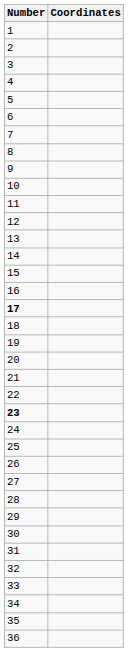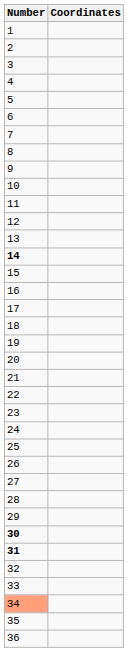 <table class="wikitable sortable">
 <tr>
 <th>Number</th>
 <th>Coordinates</th>
 </tr>
 <tr>
 <td>1</td>
 <td></td>
 </tr>
 <tr>
 <td>2</td>
 <td></td>
 </tr>
 <tr>
 <td>3</td>
 <td></td>
 </tr>
 <tr>
 <td>4</td>
 <td></td>
 </tr>
 <tr>
 <td>5</td>
 <td></td>
 </tr>
 <tr>
 <td>6</td>
 <td></td>
 </tr>
 <tr>
 <td>7</td>
 <td></td>
 </tr>
 <tr>
 <td>8</td>
 <td></td>
 </tr>
 <tr>
 <td>9</td>
 <td></td>
 </tr>
 <tr>
 <td>10</td>
 <td></td>
 </tr>
 <tr>
 <td>11</td>
 <td></td>
 </tr>
 <tr>
 <td>12</td>
 <td></td>
 </tr>
 <tr>
 <td>13</td>
 <td></td>
 </tr>
 <tr>
-<td>14</td>
+<td><strong>14</strong></td>
 <td></td>
 </tr>
 <tr>
 <td>15</td>
 <td></td>
 </tr>
 <tr>
 <td>16</td>
 <td></td>
 </tr>
 <tr>
-<td><strong>17</strong></td>
+<td>17</td>
 <td></td>
 </tr>
 <tr>
 <td>18</td>
 <td></td>
 </tr>
 <tr>
 <td>19</td>
 <td></td>
 </tr>
 <tr>
 <td>20</td>
 <td></td>
 </tr>
 <tr>
 <td>21</td>
 <td></td>
 </tr>
 <tr>
 <td>22</td>
 <td></td>
 </tr>
 <tr>
-<td><strong>23</strong></td>
+<td>23</td>
 <td></td>
 </tr>
 <tr>
 <td>24</td>
 <td></td>
 </tr>
 <tr>
 <td>25</td>
 <td></td>
 </tr>
 <tr>
 <td>26</td>
 <td></td>
 </tr>
 <tr>
 <td>27</td>
 <td></td>
 </tr>
 <tr>
 <td>28</td>
 <td></td>
 </tr>
 <tr>
 <td>29</td>
 <td></td>
 </tr>
 <tr>
-<td>30</td>
+<td><strong>30</strong></td>
 <td></td>
 </tr>
 <tr>
-<td>31</td>
+<td><strong>31</strong></td>
 <td></td>
 </tr>
 <tr>
 <td>32</td>
 <td></td>
 </tr>
 <tr>
 <td>33</td>
 <td></td>
 </tr>
 <tr>
-<td>34</td>
+<td style="background: lightsalmon;">34</td>
 <td></td>
 </tr>
 <tr>
 <td>35</td>
 <td></td>
 </tr>
 <tr>
 <td>36</td>
 <td></td>
 </tr>
 </table>
